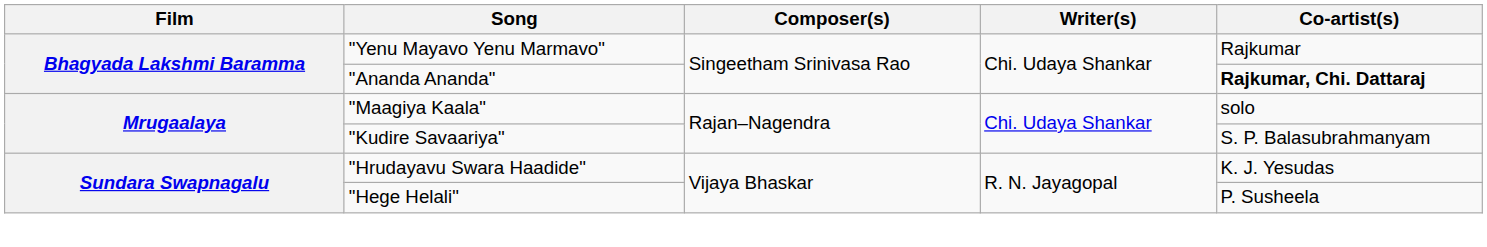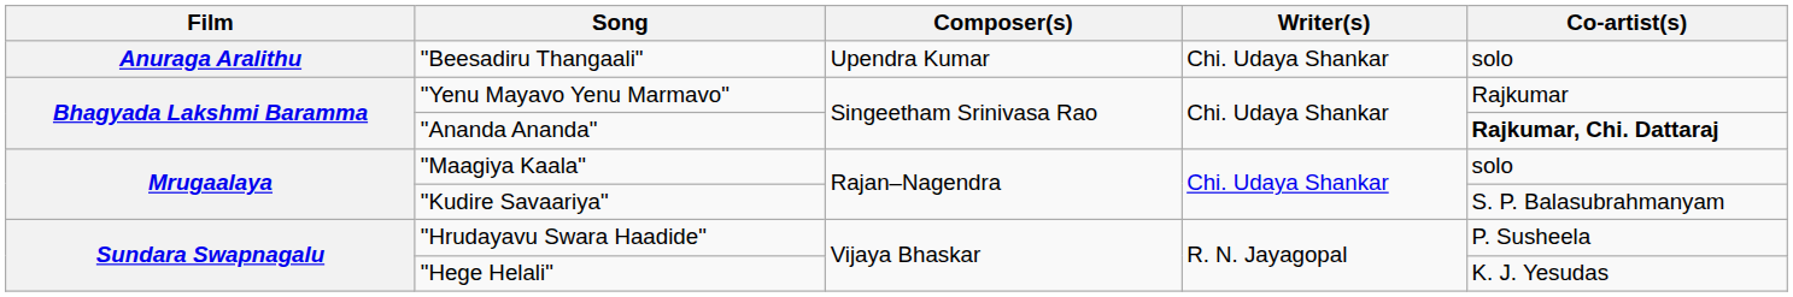 <table class="wikitable plainrowheaders" width="100%" textcolor:#000;">
 <tr style="background:#b0e0e66;">
 <th scope="col" width=23%><strong>Film</strong></th>
 <th scope="col" width=23%><strong>Song</strong></th>
 <th scope="col" width=20%><strong>Composer(s)</strong></th>
 <th scope="col" width=16%><strong>Writer(s)</strong></th>
 <th scope="col" width=18%><strong>Co-artist(s)</strong></th>
+</tr>
+<tr>
+<th><em><a href='#'>Anuraga Aralithu</a></em></th>
+<td>"Beesadiru Thangaali"</td>
+<td>Upendra Kumar</td>
+<td>Chi. Udaya Shankar</td>
+<td>solo</td>
 </tr>
 <tr>
 <th Rowspan=2><em><a href='#'>Bhagyada Lakshmi Baramma</a></em></th>
 <td>"Yenu Mayavo Yenu Marmavo"</td>
 <td rowspan=2>Singeetham Srinivasa Rao</td>
 <td rowspan=2>Chi. Udaya Shankar</td>
 <td>Rajkumar</td>
 </tr>
 <tr>
 <td>"Ananda Ananda"</td>
 <td><strong>Rajkumar, Chi. Dattaraj</strong></td>
 </tr>
 <tr>
 <th rowspan=2><em><a href='#'>Mrugaalaya</a></em></th>
 <td>"Maagiya Kaala"</td>
 <td rowspan=2>Rajan–Nagendra</td>
 <td rowspan=2><a href='#'>Chi. Udaya Shankar</a></td>
 <td>solo</td>
 </tr>
 <tr>
 <td>"Kudire Savaariya"</td>
 <td>S. P. Balasubrahmanyam</td>
 </tr>
 <tr>
 <th Rowspan=2><em><a href='#'>Sundara Swapnagalu</a></em></th>
 <td>"Hrudayavu Swara Haadide"</td>
 <td rowspan=2>Vijaya Bhaskar</td>
 <td rowspan=2>R. N. Jayagopal</td>
-<td>K. J. Yesudas</td>
+<td>P. Susheela</td>
 </tr>
 <tr>
 <td>"Hege Helali"</td>
-<td>P. Susheela</td>
+<td>K. J. Yesudas</td>
 </tr>
 </table>
